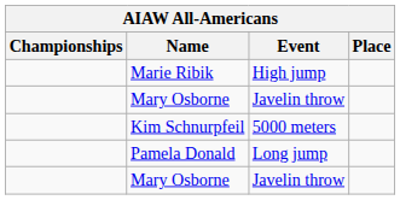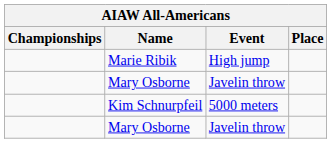 <table class="wikitable sortable">
 <tr>
 <th colspan="4">AIAW All-Americans</th>
 </tr>
 <tr>
 <th scope="col">Championships</th>
 <th scope="col">Name</th>
 <th scope="col">Event</th>
 <th scope="col">Place</th>
 </tr>
 <tr>
 <td></td>
 <td><a href='#'>Marie Ribik</a></td>
 <td><a href='#'>High jump</a></td>
 <td></td>
 </tr>
 <tr>
 <td></td>
 <td><a href='#'>Mary Osborne</a></td>
 <td><a href='#'>Javelin throw</a></td>
 <td></td>
 </tr>
 <tr>
 <td></td>
 <td><a href='#'>Kim Schnurpfeil</a></td>
 <td><a href='#'>5000 meters</a></td>
 <td></td>
 </tr>
 <tr>
 <td></td>
-<td><a href='#'>Pamela Donald</a></td>
-<td><a href='#'>Long jump</a></td>
-<td></td>
-</tr>
-<tr>
-<td></td>
 <td><a href='#'>Mary Osborne</a></td>
 <td><a href='#'>Javelin throw</a></td>
 <td></td>
 </tr>
 </table>
